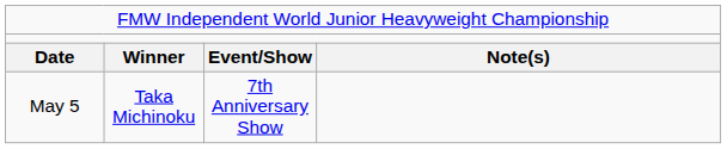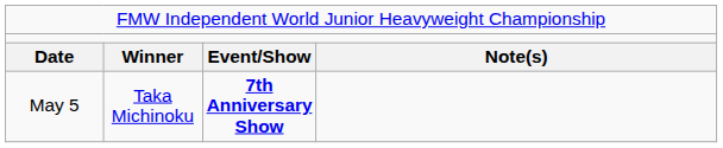 <table class="wikitable" style="text-align:center; width:100%;">
 <tr>
 <td colspan="5"><a href='#'>FMW Independent World Junior Heavyweight Championship</a></td>
 </tr>
 <tr>
 <td colspan="5"><strong></strong></td>
 </tr>
 <tr>
 <th width="14%">Date</th>
 <th width="14%">Winner</th>
 <th width="14%">Event/Show</th>
 <th width="58%">Note(s)</th>
 </tr>
 <tr>
 <td>May 5</td>
 <td><a href='#'>Taka Michinoku</a></td>
-<td><a href='#'>7th Anniversary Show</a></td>
+<td><strong><a href='#'>7th Anniversary Show</a></strong></td>
 <td align="left"></td>
 </tr>
 </table>
